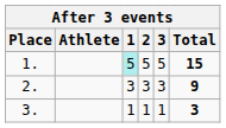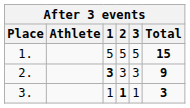 <table class=wikitable style="text-align:center">
 <tr>
 <th colspan=6><strong>After 3 events</strong></th>
 </tr>
 <tr>
 <th>Place</th>
 <th>Athlete</th>
 <th>1</th>
 <th>2</th>
 <th>3</th>
 <th>Total</th>
 </tr>
 <tr>
 <td width=30>1.</td>
 <td align=left></td>
-<td style="background: paleturquoise;">5</td>
+<td>5</td>
 <td>5</td>
 <td>5</td>
 <td><strong>15</strong></td>
 </tr>
 <tr>
 <td>2.</td>
 <td align=left></td>
-<td>3</td>
+<td><strong>3</strong></td>
 <td>3</td>
 <td>3</td>
 <td><strong>9</strong></td>
 </tr>
 <tr>
 <td>3.</td>
 <td align=left></td>
 <td>1</td>
-<td>1</td>
+<td><strong>1</strong></td>
 <td>1</td>
 <td><strong>3</strong></td>
 </tr>
 </table>
